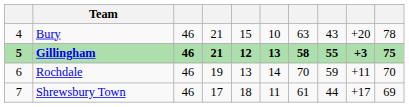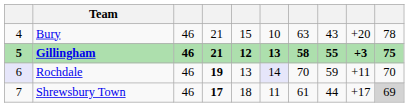 <table class="wikitable" style="text-align:center">
 <tr>
 <th width="30"></th>
 <th width="175">Team</th>
 <th width="30"></th>
 <th width="30"></th>
 <th width="30"></th>
 <th width="30"></th>
 <th width="30"></th>
 <th width="30"></th>
 <th width="30"></th>
 <th width="30"></th>
 </tr>
 <tr>
 <td>4</td>
 <td align=left><a href='#'>Bury</a></td>
 <td>46</td>
 <td>21</td>
 <td>15</td>
 <td>10</td>
 <td>63</td>
 <td>43</td>
 <td>+20</td>
 <td>78</td>
 </tr>
 <tr bgcolor=#ADDFAD>
 <td><strong>5</strong></td>
 <td align=left><strong><a href='#'>Gillingham</a></strong></td>
 <td><strong>46</strong></td>
 <td><strong>21</strong></td>
 <td><strong>12</strong></td>
 <td><strong>13</strong></td>
 <td><strong>58</strong></td>
 <td><strong>55</strong></td>
 <td><strong>+3</strong></td>
 <td><strong>75</strong></td>
 </tr>
 <tr>
-<td>6</td>
+<td style="background: lavender;">6</td>
 <td align=left><a href='#'>Rochdale</a></td>
 <td>46</td>
-<td>19</td>
+<td><strong>19</strong></td>
 <td>13</td>
-<td>14</td>
+<td style="background: lavender;">14</td>
 <td>70</td>
 <td>59</td>
 <td>+11</td>
 <td>70</td>
 </tr>
 <tr>
 <td>7</td>
 <td align=left><a href='#'>Shrewsbury Town</a></td>
 <td>46</td>
-<td>17</td>
+<td><strong>17</strong></td>
 <td>18</td>
 <td>11</td>
 <td>61</td>
 <td>44</td>
 <td>+17</td>
-<td>69</td>
+<td style="background: lightgrey;">69</td>
 </tr>
 </table>
